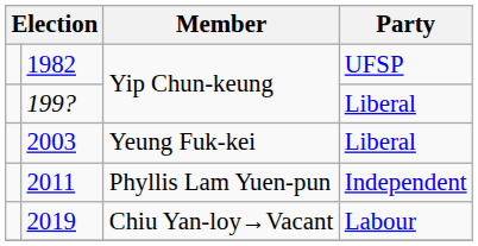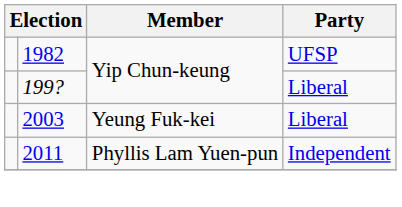 <table class="wikitable">
 <tr>
 <th colspan="2">Election</th>
 <th>Member</th>
 <th>Party</th>
 </tr>
 <tr>
 <td style="background-color: "></td>
 <td><a href='#'>1982</a></td>
 <td rowspan=2>Yip Chun-keung</td>
 <td><a href='#'>UFSP</a></td>
 </tr>
 <tr>
 <td style="background-color: "></td>
 <td><em>199?</em></td>
 <td><a href='#'>Liberal</a></td>
 </tr>
 <tr>
 <td style="background-color: "></td>
 <td><a href='#'>2003</a></td>
 <td>Yeung Fuk-kei</td>
 <td><a href='#'>Liberal</a></td>
 </tr>
 <tr>
 <td style="background-color: "></td>
 <td><a href='#'>2011</a></td>
 <td>Phyllis Lam Yuen-pun</td>
 <td><a href='#'>Independent</a></td>
 </tr>
 <tr>
-<td style="background-color: "></td>
-<td><a href='#'>2019</a></td>
-<td>Chiu Yan-loy→Vacant</td>
-<td><a href='#'>Labour</a></td>
-</tr>
-<tr>
 </tr>
 </table>
